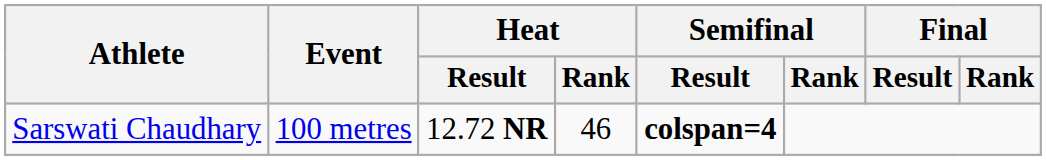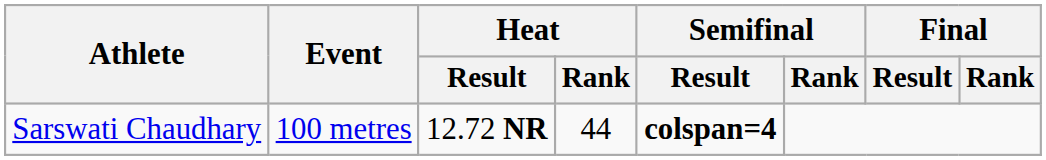 <table class="wikitable" style="font-size:90%">
 <tr>
 <th rowspan="2">Athlete</th>
 <th rowspan="2">Event</th>
 <th colspan="2">Heat</th>
 <th colspan="2">Semifinal</th>
 <th colspan="2">Final</th>
 </tr>
 <tr style="font-size:95%">
 <th>Result</th>
 <th>Rank</th>
 <th>Result</th>
 <th>Rank</th>
 <th>Result</th>
 <th>Rank</th>
 </tr>
 <tr style=text-align:center>
 <td style=text-align:left><a href='#'>Sarswati Chaudhary</a></td>
 <td style=text-align:left><a href='#'>100 metres</a></td>
 <td>12.72 <strong>NR</strong></td>
-<td>46</td>
+<td>44</td>
 <td><strong>colspan=4 </strong></td>
 </tr>
 </table>
